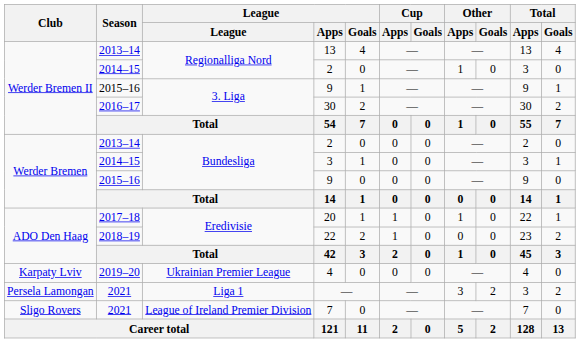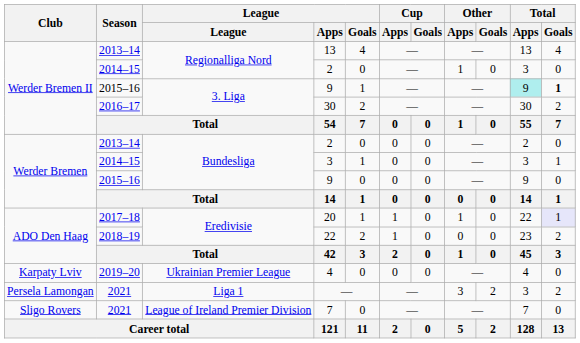 <table class="wikitable" style="text-align:center">
 <tr>
 <th rowspan="2">Club</th>
 <th rowspan="2">Season</th>
 <th colspan="3">League</th>
 <th colspan="2">Cup</th>
 <th colspan="2">Other</th>
 <th colspan="2">Total</th>
 </tr>
 <tr>
 <th>League</th>
 <th>Apps</th>
 <th>Goals</th>
 <th>Apps</th>
 <th>Goals</th>
 <th>Apps</th>
 <th>Goals</th>
 <th>Apps</th>
 <th>Goals</th>
 </tr>
 <tr>
 <td rowspan="5"><a href='#'>Werder Bremen II</a></td>
 <td><a href='#'>2013–14</a></td>
 <td rowspan="2"><a href='#'>Regionalliga Nord</a></td>
 <td>13</td>
 <td>4</td>
 <td colspan="2">—</td>
 <td colspan="2">—</td>
 <td>13</td>
 <td>4</td>
 </tr>
 <tr>
 <td><a href='#'>2014–15</a></td>
 <td>2</td>
 <td>0</td>
 <td colspan="2">—</td>
 <td>1</td>
 <td>0</td>
 <td>3</td>
 <td>0</td>
 </tr>
 <tr>
 <td>2015–16</td>
 <td rowspan="2"><a href='#'>3. Liga</a></td>
 <td>9</td>
 <td>1</td>
 <td colspan="2">—</td>
 <td colspan="2">—</td>
-<td>9</td>
-<td>1</td>
+<td style="background: paleturquoise;">9</td>
+<td><strong>1</strong></td>
 </tr>
 <tr>
 <td><a href='#'>2016–17</a></td>
 <td>30</td>
 <td>2</td>
 <td colspan="2">—</td>
 <td colspan="2">—</td>
 <td>30</td>
 <td>2</td>
 </tr>
 <tr>
 <th colspan="2">Total</th>
 <th>54</th>
 <th>7</th>
 <th>0</th>
 <th>0</th>
 <th>1</th>
 <th>0</th>
 <th>55</th>
 <th>7</th>
 </tr>
 <tr>
 <td rowspan="4"><a href='#'>Werder Bremen</a></td>
 <td><a href='#'>2013–14</a></td>
 <td rowspan="3"><a href='#'>Bundesliga</a></td>
 <td>2</td>
 <td>0</td>
 <td>0</td>
 <td>0</td>
 <td colspan="2">—</td>
 <td>2</td>
 <td>0</td>
 </tr>
 <tr>
 <td><a href='#'>2014–15</a></td>
 <td>3</td>
 <td>1</td>
 <td>0</td>
 <td>0</td>
 <td colspan="2">—</td>
 <td>3</td>
 <td>1</td>
 </tr>
 <tr>
 <td><a href='#'>2015–16</a></td>
 <td>9</td>
 <td>0</td>
 <td>0</td>
 <td>0</td>
 <td colspan="2">—</td>
 <td>9</td>
 <td>0</td>
 </tr>
 <tr>
 <th colspan="2">Total</th>
 <th>14</th>
 <th>1</th>
 <th>0</th>
 <th>0</th>
 <th>0</th>
 <th>0</th>
 <th>14</th>
 <th>1</th>
 </tr>
 <tr>
 <td rowspan="3"><a href='#'>ADO Den Haag</a></td>
 <td><a href='#'>2017–18</a></td>
 <td rowspan="2"><a href='#'>Eredivisie</a></td>
 <td>20</td>
 <td>1</td>
 <td>1</td>
 <td>0</td>
 <td>1</td>
 <td>0</td>
 <td>22</td>
-<td>1</td>
+<td style="background: lavender;">1</td>
 </tr>
 <tr>
 <td><a href='#'>2018–19</a></td>
 <td>22</td>
 <td>2</td>
 <td>1</td>
 <td>0</td>
 <td>0</td>
 <td>0</td>
 <td>23</td>
 <td>2</td>
 </tr>
 <tr>
 <th colspan="2">Total</th>
 <th>42</th>
 <th>3</th>
 <th>2</th>
 <th>0</th>
 <th>1</th>
 <th>0</th>
 <th>45</th>
 <th>3</th>
 </tr>
 <tr>
 <td><a href='#'>Karpaty Lviv</a></td>
 <td><a href='#'>2019–20</a></td>
 <td><a href='#'>Ukrainian Premier League</a></td>
 <td>4</td>
 <td>0</td>
 <td>0</td>
 <td>0</td>
 <td colspan="2">—</td>
 <td>4</td>
 <td>0</td>
 </tr>
 <tr>
 <td><a href='#'>Persela Lamongan</a></td>
 <td><a href='#'>2021</a></td>
 <td><a href='#'>Liga 1</a></td>
 <td colspan="2">—</td>
 <td colspan="2">—</td>
 <td>3</td>
 <td>2</td>
 <td>3</td>
 <td>2</td>
 </tr>
 <tr>
 <td><a href='#'>Sligo Rovers</a></td>
 <td><a href='#'>2021</a></td>
 <td><a href='#'>League of Ireland Premier Division</a></td>
 <td>7</td>
 <td>0</td>
 <td colspan="2">—</td>
 <td colspan="2">—</td>
 <td>7</td>
 <td>0</td>
 </tr>
 <tr>
 <th colspan="3">Career total</th>
 <th>121</th>
 <th>11</th>
 <th>2</th>
 <th>0</th>
 <th>5</th>
 <th>2</th>
 <th>128</th>
 <th>13</th>
 </tr>
 </table>
